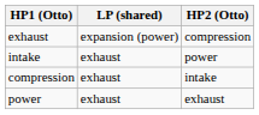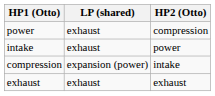 <table class="wikitable">
 <tr>
 <th>HP1 (Otto)</th>
 <th>LP (shared)</th>
 <th>HP2 (Otto)</th>
 </tr>
 <tr>
+<td>power</td>
 <td>exhaust</td>
-<td>expansion (power)</td>
 <td>compression</td>
 </tr>
 <tr>
 <td>intake</td>
 <td>exhaust</td>
 <td>power</td>
 </tr>
 <tr>
 <td>compression</td>
-<td>exhaust</td>
+<td>expansion (power)</td>
 <td>intake</td>
 </tr>
 <tr>
-<td>power</td>
+<td>exhaust</td>
 <td>exhaust</td>
 <td>exhaust</td>
 </tr>
 </table>
